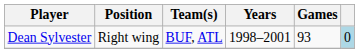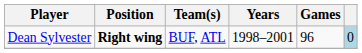 <table class="wikitable">
 <tr>
 <th>Player</th>
 <th>Position</th>
 <th>Team(s)</th>
 <th>Years</th>
 <th>Games</th>
 <th><a href='#'></a></th>
 </tr>
 <tr>
 <td><a href='#'>Dean Sylvester</a></td>
-<td>Right wing</td>
+<td><strong>Right wing</strong></td>
 <td><a href='#'>BUF</a>, <a href='#'>ATL</a></td>
 <td>1998–2001</td>
-<td>93</td>
+<td>96</td>
 <td style="background: lightblue;">0</td>
 </tr>
 <tr>
 </tr>
 </table>
